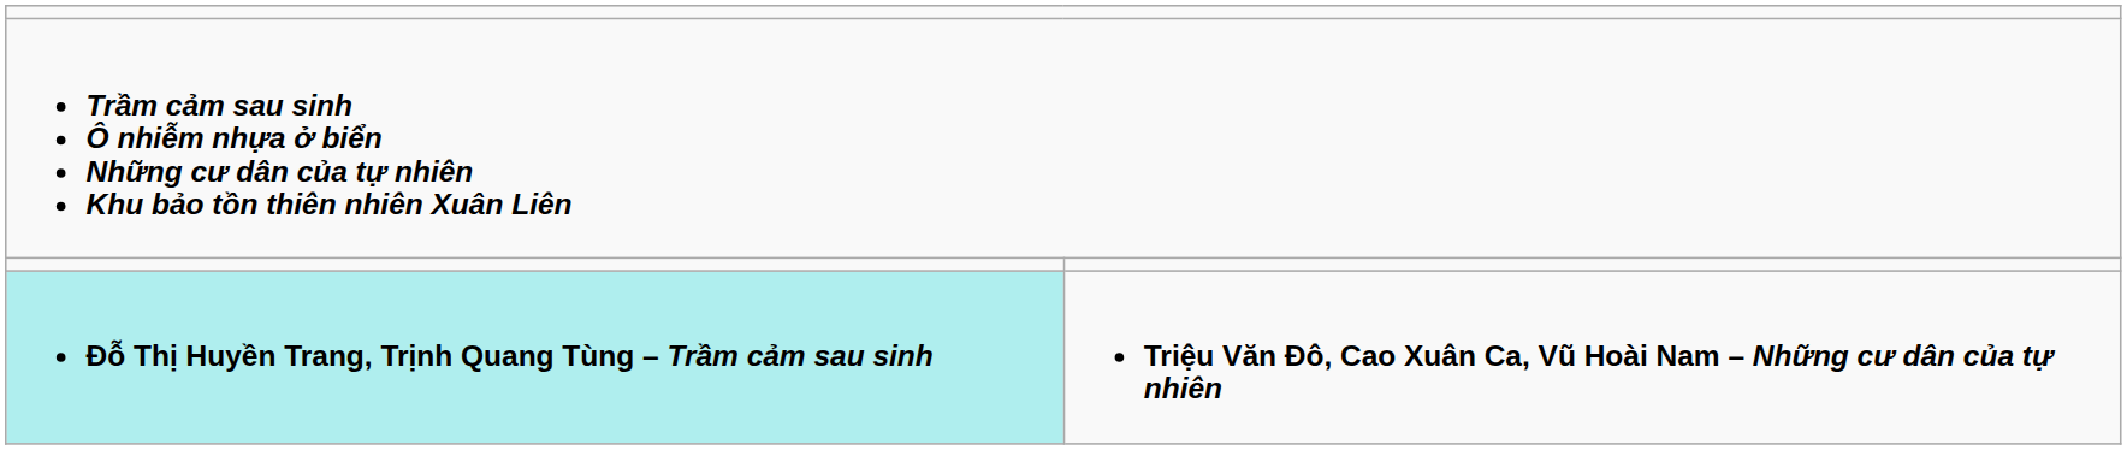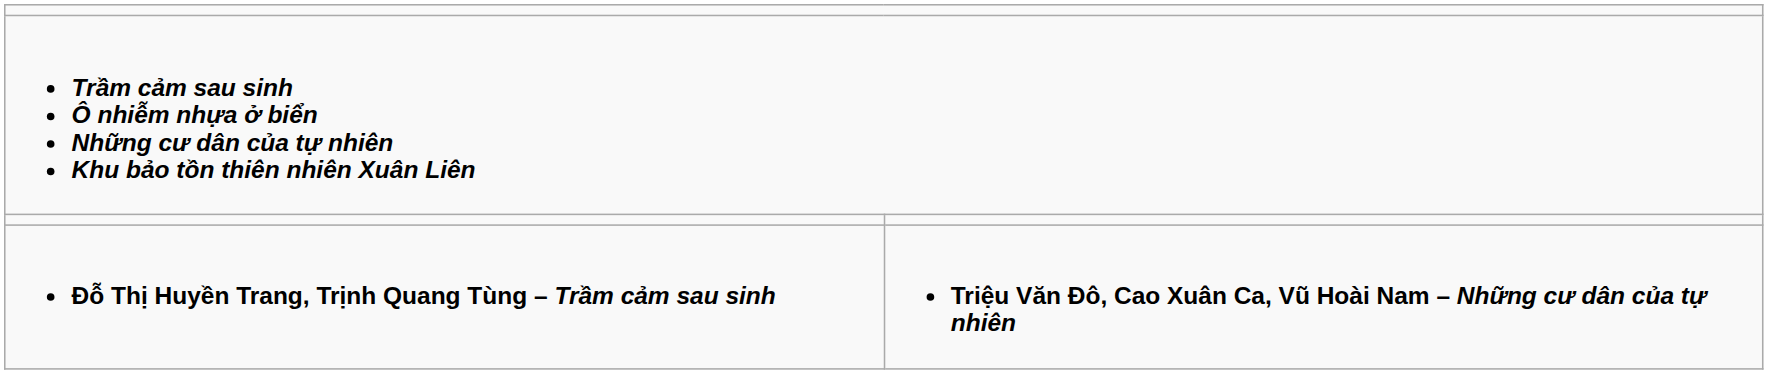 <table class="wikitable" align="center" style="width:91%">
 <tr>
 <td colspan="2" style="vertical-align:top; width:100%;"></td>
 </tr>
 <tr>
 <td colspan="2" valign="top"><br><ul><li><strong><em><span>Trầm cảm sau sinh</span></em></strong> </li><li><strong><em><span>Ô nhiễm nhựa ở biển</span></em></strong> </li><li><strong><em><span>Những cư dân của tự nhiên</span></em></strong> </li><li><strong><em><span>Khu bảo tồn thiên nhiên Xuân Liên</span></em></strong> </li></ul></td>
 </tr>
 <tr>
 <td style="vertical-align:top; width:50%;"></td>
 <td style="vertical-align:top; width:50%;"></td>
 </tr>
 <tr>
-<td valign="top" style="background: paleturquoise;"><br><ul><li><strong>Đỗ Thị Huyền Trang, Trịnh Quang Tùng – <em>Trầm cảm sau sinh</em> </strong></li></ul></td>
+<td valign="top"><br><ul><li><strong>Đỗ Thị Huyền Trang, Trịnh Quang Tùng – <em>Trầm cảm sau sinh</em> </strong></li></ul></td>
 <td valign="top"><br><ul><li><strong>Triệu Văn Đô, Cao Xuân Ca, Vũ Hoài Nam – <em>Những cư dân của tự nhiên</em> </strong></li></ul></td>
 </tr>
 </table>
